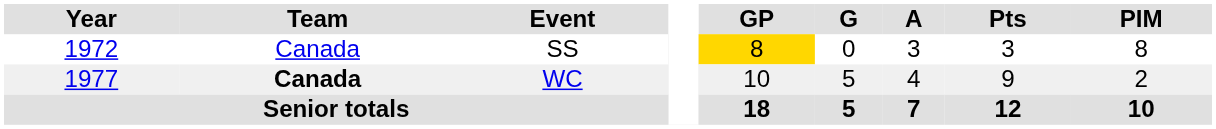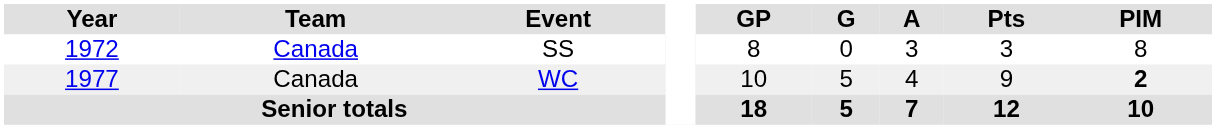 <table border="0" cellpadding="1" cellspacing="0" style="text-align:center; width:50em">
 <tr ALIGN="center" bgcolor="#e0e0e0">
 <th>Year</th>
 <th>Team</th>
 <th>Event</th>
 <th rowspan="99" bgcolor="#ffffff"> </th>
 <th>GP</th>
 <th>G</th>
 <th>A</th>
 <th>Pts</th>
 <th>PIM</th>
 </tr>
 <tr>
 <td><a href='#'>1972</a></td>
 <td><a href='#'>Canada</a></td>
 <td>SS</td>
-<td style="background: gold;">8</td>
+<td>8</td>
 <td>0</td>
 <td>3</td>
 <td>3</td>
 <td>8</td>
 </tr>
 <tr bgcolor="#f0f0f0">
 <td><a href='#'>1977</a></td>
-<td><strong>Canada</strong></td>
+<td>Canada</td>
 <td><a href='#'>WC</a></td>
 <td>10</td>
 <td>5</td>
 <td>4</td>
 <td>9</td>
-<td>2</td>
+<td><strong>2</strong></td>
 </tr>
 <tr bgcolor="#e0e0e0">
 <th colspan=3>Senior totals</th>
 <th>18</th>
 <th>5</th>
 <th>7</th>
 <th>12</th>
 <th>10</th>
 </tr>
 </table>
